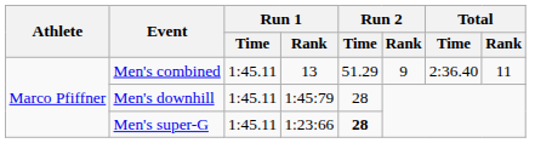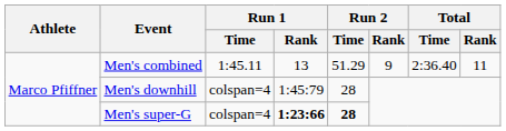 <table class=wikitable style=font-size:90%;text-align:center>
 <tr>
 <th rowspan=2>Athlete</th>
 <th rowspan=2>Event</th>
 <th colspan=2>Run 1</th>
 <th colspan=2>Run 2</th>
 <th colspan=2>Total</th>
 </tr>
 <tr style=font-size:95%>
 <th>Time</th>
 <th>Rank</th>
 <th>Time</th>
 <th>Rank</th>
 <th>Time</th>
 <th>Rank</th>
 </tr>
 <tr>
 <td align=left rowspan=3><a href='#'>Marco Pfiffner</a></td>
 <td align=left><a href='#'>Men's combined</a></td>
 <td>1:45.11</td>
 <td>13</td>
 <td>51.29</td>
 <td>9</td>
 <td>2:36.40</td>
 <td>11</td>
 </tr>
 <tr>
 <td align=left><a href='#'>Men's downhill</a></td>
-<td>1:45.11</td>
+<td>colspan=4 </td>
 <td>1:45:79</td>
 <td>28</td>
 </tr>
 <tr>
 <td align=left><a href='#'>Men's super-G</a></td>
-<td>1:45.11</td>
-<td>1:23:66</td>
+<td>colspan=4 </td>
+<td><strong>1:23:66</strong></td>
 <td><strong>28</strong></td>
 </tr>
 </table>
